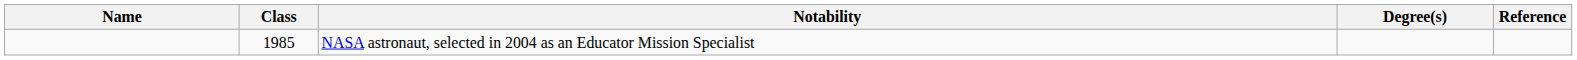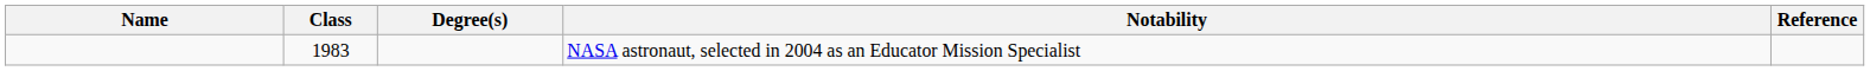 <table class="wikitable sortable" style="width:100%">
 <tr>
 <th width="15%">Name</th>
 <th width="5%">Class</th>
+<th width="10%">Degree(s)</th>
 <th width="*" class="unsortable">Notability</th>
-<th width="10%">Degree(s)</th>
 <th width="5%" class="unsortable">Reference</th>
 </tr>
 <tr>
 <td></td>
-<td align="center">1985</td>
+<td align="center">1983</td>
+<td></td>
 <td><a href='#'>NASA</a> astronaut, selected in 2004 as an Educator Mission Specialist</td>
-<td></td>
 <td align="center"></td>
 </tr>
 </table>
